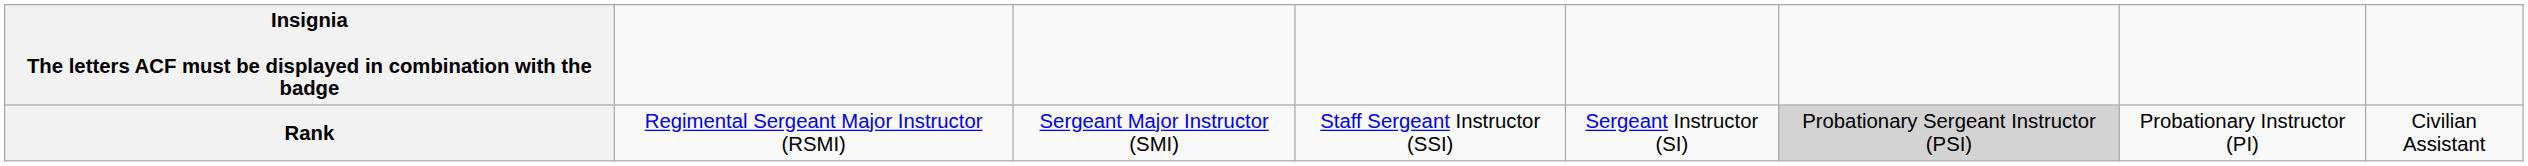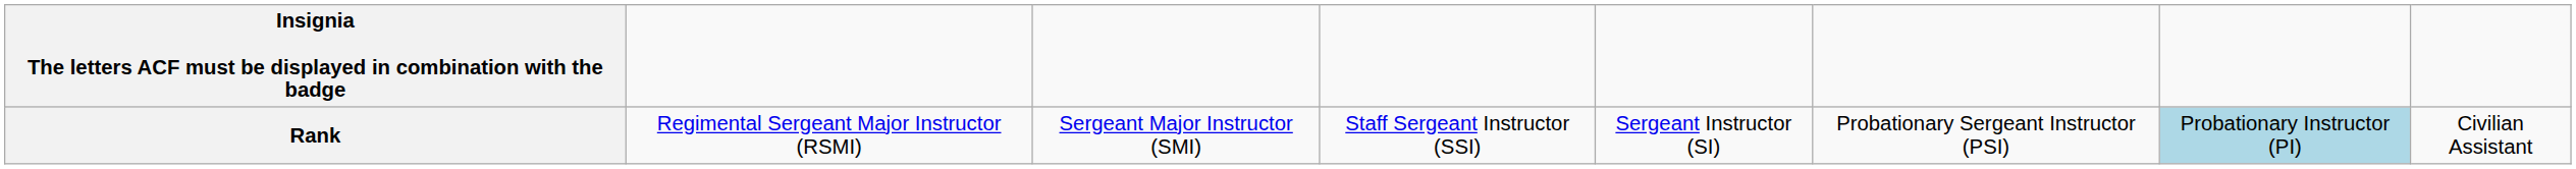 <table class="wikitable" style="margin:1em auto;">
 <tr align="center">
 <th>Insignia<br><br>The letters ACF must be displayed in combination with the badge</th>
 <td></td>
 <td></td>
 <td></td>
 <td></td>
 <td></td>
 <td></td>
 <td></td>
 </tr>
 <tr align="center">
 <th>Rank</th>
 <td><a href='#'>Regimental Sergeant Major Instructor</a> (RSMI)</td>
 <td><a href='#'>Sergeant Major Instructor</a> (SMI)</td>
 <td><a href='#'>Staff Sergeant</a> Instructor (SSI)</td>
 <td><a href='#'>Sergeant</a> Instructor (SI)</td>
-<td style="background: lightgrey;">Probationary Sergeant Instructor (PSI)</td>
-<td>Probationary Instructor (PI)</td>
+<td>Probationary Sergeant Instructor (PSI)</td>
+<td style="background: lightblue;">Probationary Instructor (PI)</td>
 <td>Civilian Assistant</td>
 </tr>
 </table>
